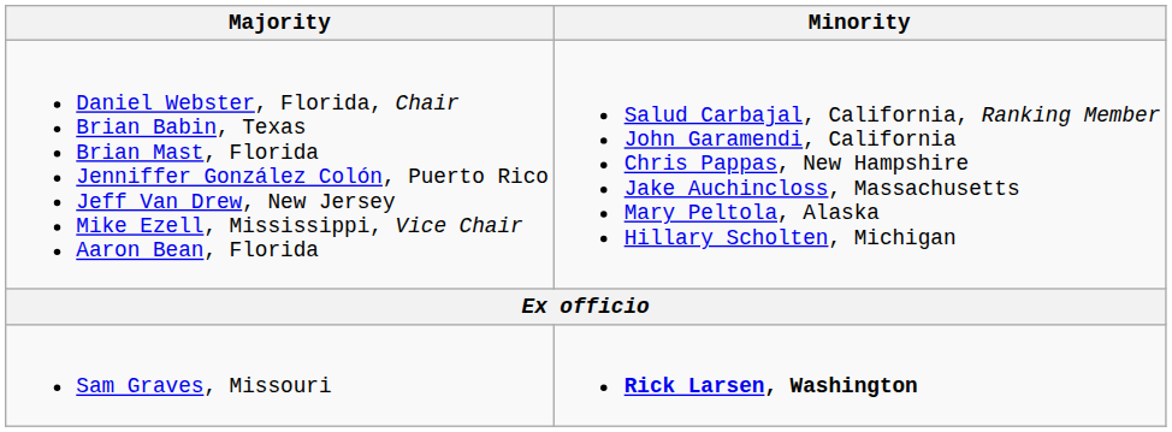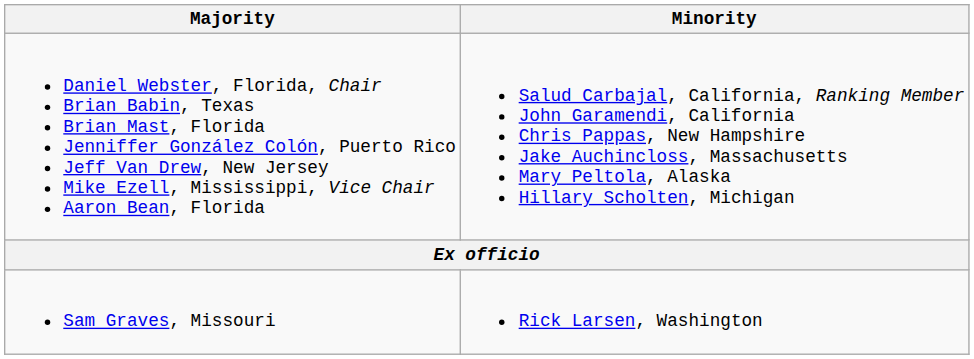 <table class=wikitable>
 <tr>
 <th>Majority</th>
 <th>Minority</th>
 </tr>
 <tr>
 <td><br><ul><li><a href='#'>Daniel Webster</a>, Florida, <em>Chair</em></li><li><a href='#'>Brian Babin</a>, Texas</li><li><a href='#'>Brian Mast</a>, Florida</li><li><a href='#'>Jenniffer González Colón</a>, Puerto Rico</li><li><a href='#'>Jeff Van Drew</a>, New Jersey</li><li><a href='#'>Mike Ezell</a>, Mississippi, <em>Vice Chair</em></li><li><a href='#'>Aaron Bean</a>, Florida</li></ul></td>
 <td><br><ul><li><a href='#'>Salud Carbajal</a>, California, <em>Ranking Member</em></li><li><a href='#'>John Garamendi</a>, California</li><li><a href='#'>Chris Pappas</a>, New Hampshire</li><li><a href='#'>Jake Auchincloss</a>, Massachusetts</li><li><a href='#'>Mary Peltola</a>, Alaska</li><li><a href='#'>Hillary Scholten</a>, Michigan</li></ul></td>
 </tr>
 <tr>
 <th colspan=2><em>Ex officio</em></th>
 </tr>
 <tr>
 <td><br><ul><li><a href='#'>Sam Graves</a>, Missouri</li></ul></td>
-<td><strong><br><ul><li><a href='#'>Rick Larsen</a>, Washington</li></ul></strong></td>
+<td><br><ul><li><a href='#'>Rick Larsen</a>, Washington</li></ul></td>
 </tr>
 </table>
